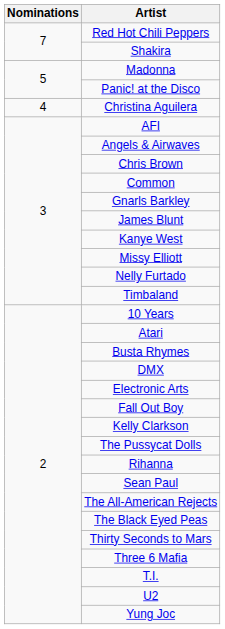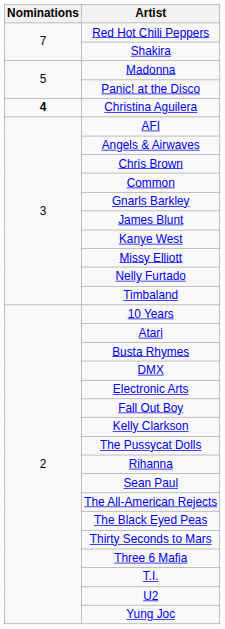 <table class="wikitable" rowspan="2" style="text-align:center">
 <tr>
 <th scope="col" style="width:55px;">Nominations</th>
 <th scope="col" style="text-align:center;">Artist</th>
 </tr>
 <tr>
 <td rowspan="2" style="text-align:center">7</td>
 <td><a href='#'>Red Hot Chili Peppers</a></td>
 </tr>
 <tr>
 <td><a href='#'>Shakira</a></td>
 </tr>
 <tr>
 <td rowspan="2" style="text-align:center">5</td>
 <td><a href='#'>Madonna</a></td>
 </tr>
 <tr>
 <td><a href='#'>Panic! at the Disco</a></td>
 </tr>
 <tr>
-<td style="text-align:center">4</td>
+<td style="text-align:center"><strong>4</strong></td>
 <td><a href='#'>Christina Aguilera</a></td>
 </tr>
 <tr>
 <td rowspan="10" style="text-align:center">3</td>
 <td><a href='#'>AFI</a></td>
 </tr>
 <tr>
 <td><a href='#'>Angels & Airwaves</a></td>
 </tr>
 <tr>
 <td><a href='#'>Chris Brown</a></td>
 </tr>
 <tr>
 <td><a href='#'>Common</a></td>
 </tr>
 <tr>
 <td><a href='#'>Gnarls Barkley</a></td>
 </tr>
 <tr>
 <td><a href='#'>James Blunt</a></td>
 </tr>
 <tr>
 <td><a href='#'>Kanye West</a></td>
 </tr>
 <tr>
 <td><a href='#'>Missy Elliott</a></td>
 </tr>
 <tr>
 <td><a href='#'>Nelly Furtado</a></td>
 </tr>
 <tr>
 <td><a href='#'>Timbaland</a></td>
 </tr>
 <tr>
 <td rowspan="17" style="text-align:center">2</td>
 <td><a href='#'>10 Years</a></td>
 </tr>
 <tr>
 <td><a href='#'>Atari</a></td>
 </tr>
 <tr>
 <td><a href='#'>Busta Rhymes</a></td>
 </tr>
 <tr>
 <td><a href='#'>DMX</a></td>
 </tr>
 <tr>
 <td><a href='#'>Electronic Arts</a></td>
 </tr>
 <tr>
 <td><a href='#'>Fall Out Boy</a></td>
 </tr>
 <tr>
 <td><a href='#'>Kelly Clarkson</a></td>
 </tr>
 <tr>
 <td><a href='#'>The Pussycat Dolls</a></td>
 </tr>
 <tr>
 <td><a href='#'>Rihanna</a></td>
 </tr>
 <tr>
 <td><a href='#'>Sean Paul</a></td>
 </tr>
 <tr>
 <td><a href='#'>The All-American Rejects</a></td>
 </tr>
 <tr>
 <td><a href='#'>The Black Eyed Peas</a></td>
 </tr>
 <tr>
 <td><a href='#'>Thirty Seconds to Mars</a></td>
 </tr>
 <tr>
 <td><a href='#'>Three 6 Mafia</a></td>
 </tr>
 <tr>
 <td><a href='#'>T.I.</a></td>
 </tr>
 <tr>
 <td><a href='#'>U2</a></td>
 </tr>
 <tr>
 <td><a href='#'>Yung Joc</a></td>
 </tr>
 </table>
